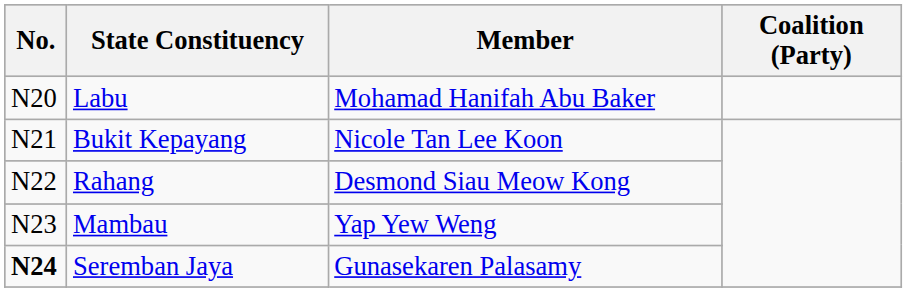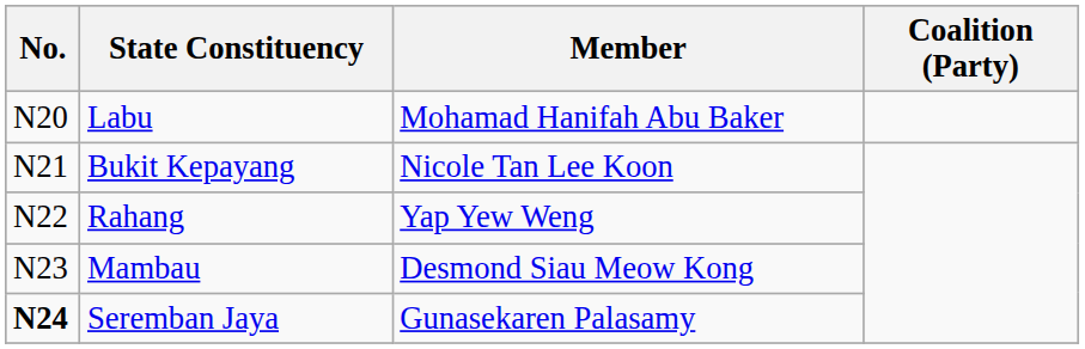 <table class="wikitable">
 <tr>
 <th width="30">No.</th>
 <th width="150">State Constituency</th>
 <th width="230">Member</th>
 <th width="100">Coalition (Party)</th>
 </tr>
 <tr>
 <td>N20</td>
 <td><a href='#'>Labu</a></td>
 <td><a href='#'>Mohamad Hanifah Abu Baker</a></td>
 <td></td>
 </tr>
 <tr>
 <td>N21</td>
 <td><a href='#'>Bukit Kepayang</a></td>
 <td><a href='#'>Nicole Tan Lee Koon</a></td>
 <td rowspan=4></td>
 </tr>
 <tr>
 <td>N22</td>
 <td><a href='#'>Rahang</a></td>
-<td><a href='#'>Desmond Siau Meow Kong</a></td>
+<td><a href='#'>Yap Yew Weng</a></td>
 </tr>
 <tr>
 <td>N23</td>
 <td><a href='#'>Mambau</a></td>
-<td><a href='#'>Yap Yew Weng</a></td>
+<td><a href='#'>Desmond Siau Meow Kong</a></td>
 </tr>
 <tr>
 <td><strong>N24</strong></td>
 <td><a href='#'>Seremban Jaya</a></td>
 <td><a href='#'>Gunasekaren Palasamy</a></td>
 </tr>
 </table>
